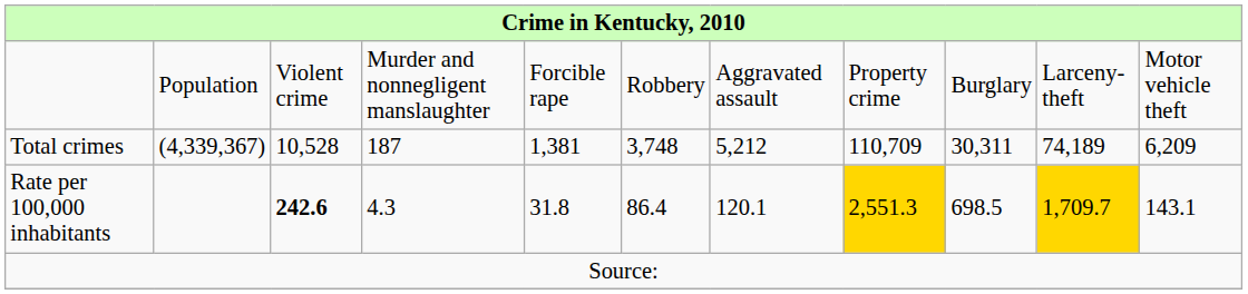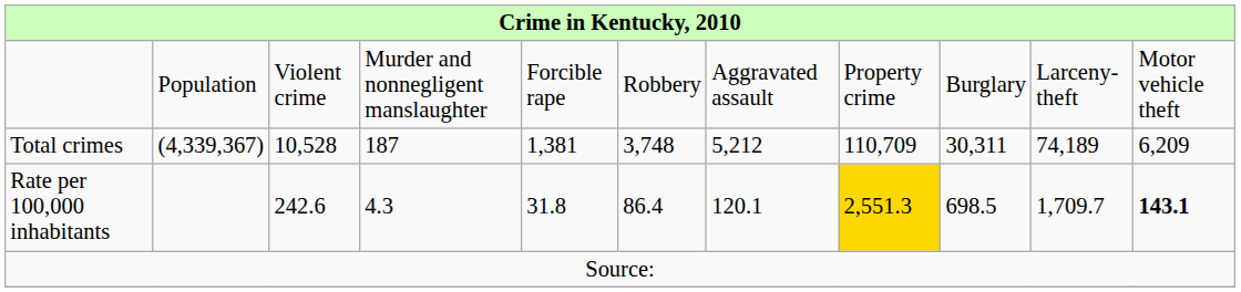 <table class="wikitable" align="center">
 <tr>
 <th colspan="11" style="background-color: #cfb;" align="center">Crime in Kentucky, 2010</th>
 </tr>
 <tr>
 <td></td>
 <td>Population</td>
 <td>Violent crime</td>
 <td>Murder and<br>nonnegligent manslaughter</td>
 <td>Forcible rape</td>
 <td>Robbery</td>
 <td>Aggravated assault</td>
 <td>Property crime</td>
 <td>Burglary</td>
 <td>Larceny-theft</td>
 <td>Motor vehicle theft</td>
 </tr>
 <tr>
 <td>Total crimes</td>
 <td>(4,339,367)</td>
 <td>10,528</td>
 <td>187</td>
 <td>1,381</td>
 <td>3,748</td>
 <td>5,212</td>
 <td>110,709</td>
 <td>30,311</td>
 <td>74,189</td>
 <td>6,209</td>
 </tr>
 <tr>
 <td>Rate per 100,000 inhabitants</td>
 <td></td>
-<td><strong>242.6</strong></td>
+<td>242.6</td>
 <td>4.3</td>
 <td>31.8</td>
 <td>86.4</td>
 <td>120.1</td>
 <td style="background: gold;">2,551.3</td>
 <td>698.5</td>
-<td style="background: gold;">1,709.7</td>
-<td>143.1</td>
+<td>1,709.7</td>
+<td><strong>143.1</strong></td>
 </tr>
 <tr>
 <td colspan="11" align="center">Source: </td>
 </tr>
 <tr>
 </tr>
 </table>
